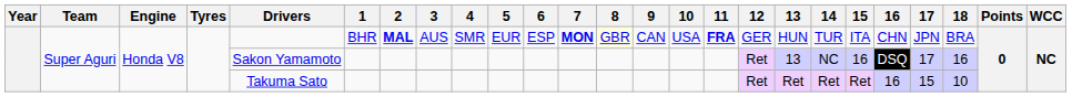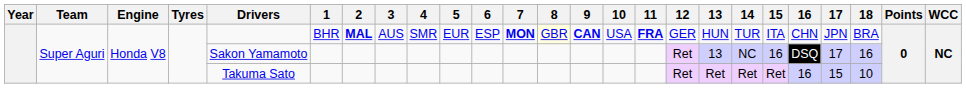 <table class="wikitable" style="text-align:center; font-size:95%">
 <tr>
 <th>Year</th>
 <th>Team</th>
 <th>Engine</th>
 <th>Tyres</th>
 <th>Drivers</th>
 <th>1</th>
 <th>2</th>
 <th>3</th>
 <th>4</th>
 <th>5</th>
 <th>6</th>
 <th>7</th>
 <th>8</th>
 <th>9</th>
 <th>10</th>
 <th>11</th>
 <th>12</th>
 <th>13</th>
 <th>14</th>
 <th>15</th>
 <th>16</th>
 <th>17</th>
 <th>18</th>
 <th>Points</th>
 <th>WCC</th>
 </tr>
 <tr>
 <th rowspan="3"></th>
 <td rowspan="3"><a href='#'>Super Aguri</a></td>
 <td rowspan="3"><a href='#'>Honda</a> <a href='#'>V8</a></td>
 <td rowspan="3"></td>
 <td></td>
 <td><a href='#'>BHR</a></td>
 <td><strong><a href='#'>MAL</a></strong></td>
 <td><a href='#'>AUS</a></td>
 <td><a href='#'>SMR</a></td>
 <td><a href='#'>EUR</a></td>
 <td><a href='#'>ESP</a></td>
 <td><strong><a href='#'>MON</a></strong></td>
 <td style="background: lightyellow;"><a href='#'>GBR</a></td>
-<td><a href='#'>CAN</a></td>
+<td><strong><a href='#'>CAN</a></strong></td>
 <td><a href='#'>USA</a></td>
 <td><strong><a href='#'>FRA</a></strong></td>
 <td><a href='#'>GER</a></td>
 <td><a href='#'>HUN</a></td>
 <td><a href='#'>TUR</a></td>
 <td><a href='#'>ITA</a></td>
 <td><a href='#'>CHN</a></td>
 <td><a href='#'>JPN</a></td>
 <td><a href='#'>BRA</a></td>
 <th rowspan="3">0</th>
 <th rowspan="3">NC</th>
 </tr>
 <tr>
 <td> <a href='#'>Sakon Yamamoto</a></td>
 <td></td>
 <td></td>
 <td></td>
 <td></td>
 <td></td>
 <td></td>
 <td></td>
 <td></td>
 <td></td>
 <td></td>
 <td></td>
 <td style="background:#EFCFFF;">Ret</td>
 <td style="background:#CFCFFF;">13</td>
 <td style="background:#CFCFFF;">NC</td>
 <td style="background:#CFCFFF;">16</td>
 <td style="background:#000000; color:white">DSQ</td>
 <td style="background:#CFCFFF;">17</td>
 <td style="background:#CFCFFF;">16</td>
 </tr>
 <tr>
 <td> <a href='#'>Takuma Sato</a></td>
 <td></td>
 <td></td>
 <td></td>
 <td></td>
 <td></td>
 <td></td>
 <td></td>
 <td></td>
 <td></td>
 <td></td>
 <td></td>
 <td style="background:#EFCFFF;">Ret</td>
 <td style="background:#EFCFFF;">Ret</td>
 <td style="background:#EFCFFF;">Ret</td>
 <td style="background:#EFCFFF;">Ret</td>
 <td style="background:#CFCFFF;">16</td>
 <td style="background:#CFCFFF;">15</td>
 <td style="background:#CFCFFF;">10</td>
 </tr>
 </table>
